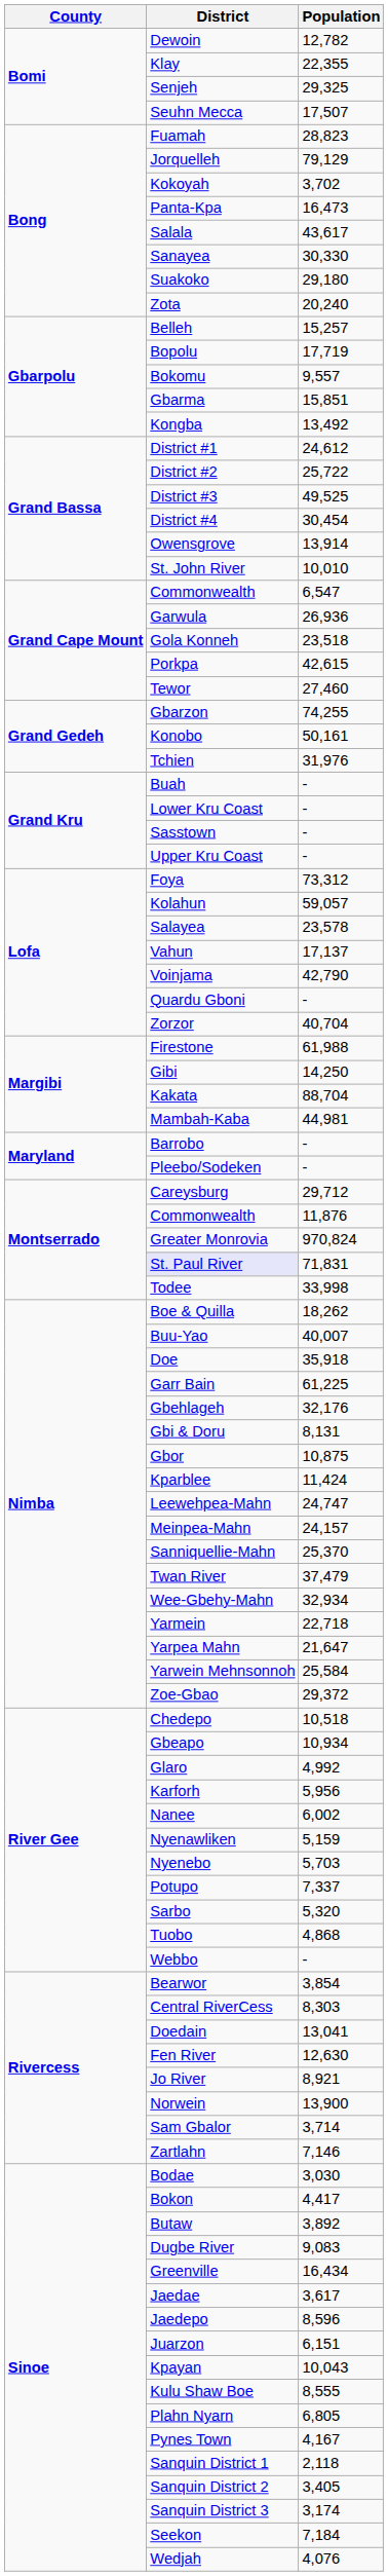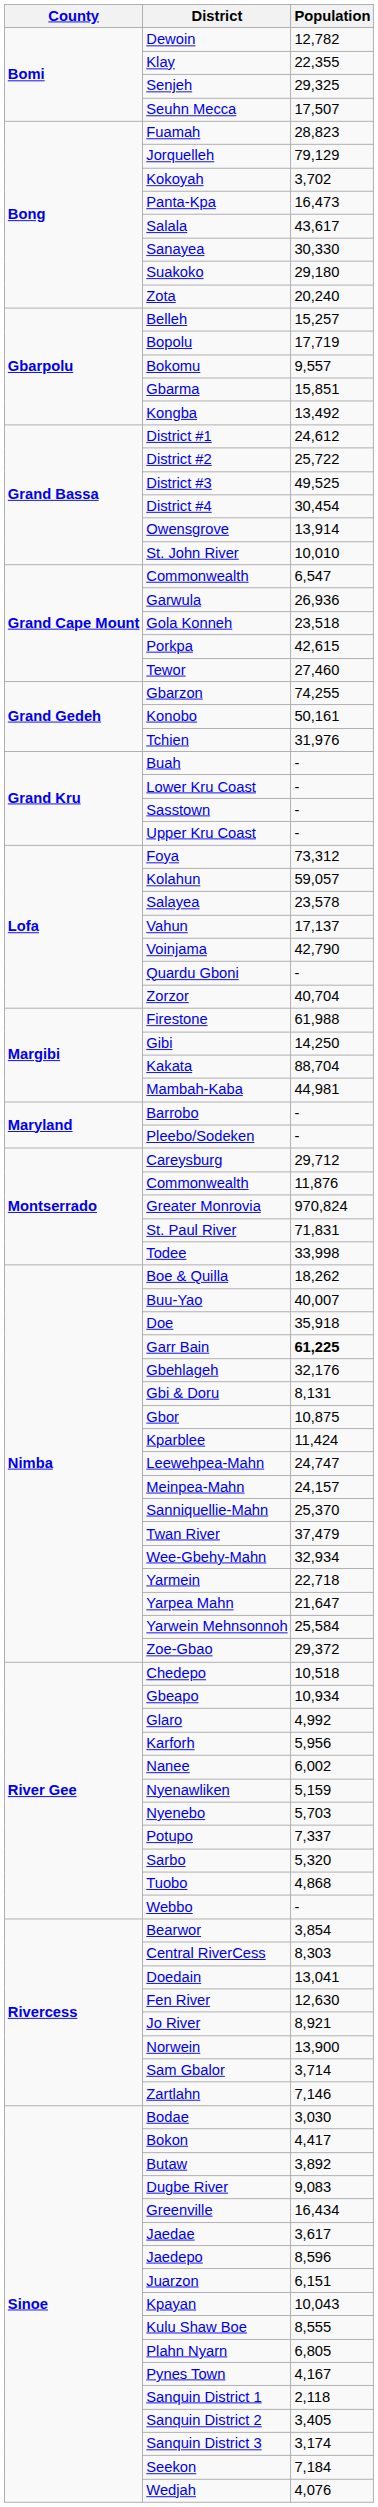 <table class="wikitable sortable">
 <tr>
 <th><a href='#'>County</a></th>
 <th>District</th>
 <th>Population</th>
 </tr>
 <tr>
 <td rowspan="4"><a href='#'><strong>Bomi</strong></a></td>
 <td><a href='#'>Dewoin</a></td>
 <td>12,782</td>
 </tr>
 <tr>
 <td><a href='#'>Klay</a></td>
 <td>22,355</td>
 </tr>
 <tr>
 <td><a href='#'>Senjeh</a></td>
 <td>29,325</td>
 </tr>
 <tr>
 <td><a href='#'>Seuhn Mecca</a></td>
 <td>17,507</td>
 </tr>
 <tr>
 <td rowspan="8"><strong><a href='#'>Bong</a></strong></td>
 <td><a href='#'>Fuamah</a></td>
 <td>28,823</td>
 </tr>
 <tr>
 <td><a href='#'>Jorquelleh</a></td>
 <td>79,129</td>
 </tr>
 <tr>
 <td><a href='#'>Kokoyah</a></td>
 <td>3,702</td>
 </tr>
 <tr>
 <td><a href='#'>Panta-Kpa</a></td>
 <td>16,473</td>
 </tr>
 <tr>
 <td><a href='#'>Salala</a></td>
 <td>43,617</td>
 </tr>
 <tr>
 <td><a href='#'>Sanayea</a></td>
 <td>30,330</td>
 </tr>
 <tr>
 <td><a href='#'>Suakoko</a></td>
 <td>29,180</td>
 </tr>
 <tr>
 <td><a href='#'>Zota</a></td>
 <td>20,240</td>
 </tr>
 <tr>
 <td rowspan="5"><strong><a href='#'>Gbarpolu</a></strong></td>
 <td><a href='#'>Belleh</a></td>
 <td>15,257</td>
 </tr>
 <tr>
 <td><a href='#'>Bopolu</a></td>
 <td>17,719</td>
 </tr>
 <tr>
 <td><a href='#'>Bokomu</a></td>
 <td>9,557</td>
 </tr>
 <tr>
 <td><a href='#'>Gbarma</a></td>
 <td>15,851</td>
 </tr>
 <tr>
 <td><a href='#'>Kongba</a></td>
 <td>13,492</td>
 </tr>
 <tr>
 <td rowspan="6"><strong><a href='#'>Grand Bassa</a></strong></td>
 <td><a href='#'>District #1</a></td>
 <td>24,612</td>
 </tr>
 <tr>
 <td><a href='#'>District #2</a></td>
 <td>25,722</td>
 </tr>
 <tr>
 <td><a href='#'>District #3</a></td>
 <td>49,525</td>
 </tr>
 <tr>
 <td><a href='#'>District #4</a></td>
 <td>30,454</td>
 </tr>
 <tr>
 <td><a href='#'>Owensgrove</a></td>
 <td>13,914</td>
 </tr>
 <tr>
 <td><a href='#'>St. John River</a></td>
 <td>10,010</td>
 </tr>
 <tr>
 <td rowspan="5"><strong><a href='#'>Grand Cape Mount</a></strong></td>
 <td><a href='#'>Commonwealth</a></td>
 <td>6,547</td>
 </tr>
 <tr>
 <td><a href='#'>Garwula</a></td>
 <td>26,936</td>
 </tr>
 <tr>
 <td><a href='#'>Gola Konneh</a></td>
 <td>23,518</td>
 </tr>
 <tr>
 <td><a href='#'>Porkpa</a></td>
 <td>42,615</td>
 </tr>
 <tr>
 <td><a href='#'>Tewor</a></td>
 <td>27,460</td>
 </tr>
 <tr>
 <td rowspan="3"><strong><a href='#'>Grand Gedeh</a></strong></td>
 <td><a href='#'>Gbarzon</a></td>
 <td>74,255</td>
 </tr>
 <tr>
 <td><a href='#'>Konobo</a></td>
 <td>50,161</td>
 </tr>
 <tr>
 <td><a href='#'>Tchien</a></td>
 <td>31,976</td>
 </tr>
 <tr>
 <td rowspan="4"><strong><a href='#'>Grand Kru</a></strong></td>
 <td><a href='#'>Buah</a></td>
 <td>-</td>
 </tr>
 <tr>
 <td><a href='#'>Lower Kru Coast</a></td>
 <td>-</td>
 </tr>
 <tr>
 <td><a href='#'>Sasstown</a></td>
 <td>-</td>
 </tr>
 <tr>
 <td><a href='#'>Upper Kru Coast</a></td>
 <td>-</td>
 </tr>
 <tr>
 <td rowspan="7"><strong><a href='#'>Lofa</a></strong></td>
 <td><a href='#'>Foya</a></td>
 <td>73,312</td>
 </tr>
 <tr>
 <td><a href='#'>Kolahun</a></td>
 <td>59,057</td>
 </tr>
 <tr>
 <td><a href='#'>Salayea</a></td>
 <td>23,578</td>
 </tr>
 <tr>
 <td><a href='#'>Vahun</a></td>
 <td>17,137</td>
 </tr>
 <tr>
 <td><a href='#'>Voinjama</a></td>
 <td>42,790</td>
 </tr>
 <tr>
 <td><a href='#'>Quardu Gboni</a></td>
 <td>-</td>
 </tr>
 <tr>
 <td><a href='#'>Zorzor</a></td>
 <td>40,704</td>
 </tr>
 <tr>
 <td rowspan="4"><strong><a href='#'>Margibi</a></strong></td>
 <td><a href='#'>Firestone</a></td>
 <td>61,988</td>
 </tr>
 <tr>
 <td><a href='#'>Gibi</a></td>
 <td>14,250</td>
 </tr>
 <tr>
 <td><a href='#'>Kakata</a></td>
 <td>88,704</td>
 </tr>
 <tr>
 <td><a href='#'>Mambah-Kaba</a></td>
 <td>44,981</td>
 </tr>
 <tr>
 <td rowspan="2"><strong><a href='#'>Maryland</a></strong></td>
 <td><a href='#'>Barrobo</a></td>
 <td>-</td>
 </tr>
 <tr>
 <td><a href='#'>Pleebo/Sodeken</a></td>
 <td>-</td>
 </tr>
 <tr>
 <td rowspan="5"><strong><a href='#'>Montserrado</a></strong></td>
 <td><a href='#'>Careysburg</a></td>
 <td>29,712</td>
 </tr>
 <tr>
 <td><a href='#'>Commonwealth</a></td>
 <td>11,876</td>
 </tr>
 <tr>
 <td><a href='#'>Greater Monrovia</a></td>
 <td>970,824</td>
 </tr>
 <tr>
-<td style="background: lavender;"><a href='#'>St. Paul River</a></td>
+<td><a href='#'>St. Paul River</a></td>
 <td>71,831</td>
 </tr>
 <tr>
 <td><a href='#'>Todee</a></td>
 <td>33,998</td>
 </tr>
 <tr>
 <td rowspan="17"><strong><a href='#'>Nimba</a></strong></td>
 <td><a href='#'>Boe & Quilla</a></td>
 <td>18,262</td>
 </tr>
 <tr>
 <td><a href='#'>Buu-Yao</a></td>
 <td>40,007</td>
 </tr>
 <tr>
 <td><a href='#'>Doe</a></td>
 <td>35,918</td>
 </tr>
 <tr>
 <td><a href='#'>Garr Bain</a></td>
-<td>61,225</td>
+<td><strong>61,225</strong></td>
 </tr>
 <tr>
 <td><a href='#'>Gbehlageh</a></td>
 <td>32,176</td>
 </tr>
 <tr>
 <td><a href='#'>Gbi & Doru</a></td>
 <td>8,131</td>
 </tr>
 <tr>
 <td><a href='#'>Gbor</a></td>
 <td>10,875</td>
 </tr>
 <tr>
 <td><a href='#'>Kparblee</a></td>
 <td>11,424</td>
 </tr>
 <tr>
 <td><a href='#'>Leewehpea-Mahn</a></td>
 <td>24,747</td>
 </tr>
 <tr>
 <td><a href='#'>Meinpea-Mahn</a></td>
 <td>24,157</td>
 </tr>
 <tr>
 <td><a href='#'>Sanniquellie-Mahn</a></td>
 <td>25,370</td>
 </tr>
 <tr>
 <td><a href='#'>Twan River</a></td>
 <td>37,479</td>
 </tr>
 <tr>
 <td><a href='#'>Wee-Gbehy-Mahn</a></td>
 <td>32,934</td>
 </tr>
 <tr>
 <td><a href='#'>Yarmein</a></td>
 <td>22,718</td>
 </tr>
 <tr>
 <td><a href='#'>Yarpea Mahn</a></td>
 <td>21,647</td>
 </tr>
 <tr>
 <td><a href='#'>Yarwein Mehnsonnoh</a></td>
 <td>25,584</td>
 </tr>
 <tr>
 <td><a href='#'>Zoe-Gbao</a></td>
 <td>29,372</td>
 </tr>
 <tr>
 <td rowspan="11"><strong><a href='#'>River Gee</a></strong></td>
 <td><a href='#'>Chedepo</a></td>
 <td>10,518</td>
 </tr>
 <tr>
 <td><a href='#'>Gbeapo</a></td>
 <td>10,934</td>
 </tr>
 <tr>
 <td><a href='#'>Glaro</a></td>
 <td>4,992</td>
 </tr>
 <tr>
 <td><a href='#'>Karforh</a></td>
 <td>5,956</td>
 </tr>
 <tr>
 <td><a href='#'>Nanee</a></td>
 <td>6,002</td>
 </tr>
 <tr>
 <td><a href='#'>Nyenawliken</a></td>
 <td>5,159</td>
 </tr>
 <tr>
 <td><a href='#'>Nyenebo</a></td>
 <td>5,703</td>
 </tr>
 <tr>
 <td><a href='#'>Potupo</a></td>
 <td>7,337</td>
 </tr>
 <tr>
 <td><a href='#'>Sarbo</a></td>
 <td>5,320</td>
 </tr>
 <tr>
 <td><a href='#'>Tuobo</a></td>
 <td>4,868</td>
 </tr>
 <tr>
 <td><a href='#'>Webbo</a></td>
 <td>-</td>
 </tr>
 <tr>
 <td rowspan="8"><strong><a href='#'>Rivercess</a></strong></td>
 <td><a href='#'>Bearwor</a></td>
 <td>3,854</td>
 </tr>
 <tr>
 <td><a href='#'>Central RiverCess</a></td>
 <td>8,303</td>
 </tr>
 <tr>
 <td><a href='#'>Doedain</a></td>
 <td>13,041</td>
 </tr>
 <tr>
 <td><a href='#'>Fen River</a></td>
 <td>12,630</td>
 </tr>
 <tr>
 <td><a href='#'>Jo River</a></td>
 <td>8,921</td>
 </tr>
 <tr>
 <td><a href='#'>Norwein</a></td>
 <td>13,900</td>
 </tr>
 <tr>
 <td><a href='#'>Sam Gbalor</a></td>
 <td>3,714</td>
 </tr>
 <tr>
 <td><a href='#'>Zartlahn</a></td>
 <td>7,146</td>
 </tr>
 <tr>
 <td rowspan="17"><strong><a href='#'>Sinoe</a></strong></td>
 <td><a href='#'>Bodae</a></td>
 <td>3,030</td>
 </tr>
 <tr>
 <td><a href='#'>Bokon</a></td>
 <td>4,417</td>
 </tr>
 <tr>
 <td><a href='#'>Butaw</a></td>
 <td>3,892</td>
 </tr>
 <tr>
 <td><a href='#'>Dugbe River</a></td>
 <td>9,083</td>
 </tr>
 <tr>
 <td><a href='#'>Greenville</a></td>
 <td>16,434</td>
 </tr>
 <tr>
 <td><a href='#'>Jaedae</a></td>
 <td>3,617</td>
 </tr>
 <tr>
 <td><a href='#'>Jaedepo</a></td>
 <td>8,596</td>
 </tr>
 <tr>
 <td><a href='#'>Juarzon</a></td>
 <td>6,151</td>
 </tr>
 <tr>
 <td><a href='#'>Kpayan</a></td>
 <td>10,043</td>
 </tr>
 <tr>
 <td><a href='#'>Kulu Shaw Boe</a></td>
 <td>8,555</td>
 </tr>
 <tr>
 <td><a href='#'>Plahn Nyarn</a></td>
 <td>6,805</td>
 </tr>
 <tr>
 <td><a href='#'>Pynes Town</a></td>
 <td>4,167</td>
 </tr>
 <tr>
 <td><a href='#'>Sanquin District 1</a></td>
 <td>2,118</td>
 </tr>
 <tr>
 <td><a href='#'>Sanquin District 2</a></td>
 <td>3,405</td>
 </tr>
 <tr>
 <td><a href='#'>Sanquin District 3</a></td>
 <td>3,174</td>
 </tr>
 <tr>
 <td><a href='#'>Seekon</a></td>
 <td>7,184</td>
 </tr>
 <tr>
 <td><a href='#'>Wedjah</a></td>
 <td>4,076</td>
 </tr>
 </table>
